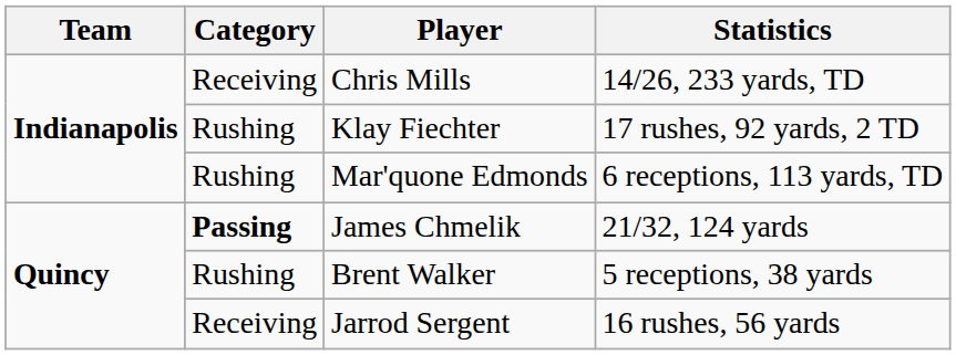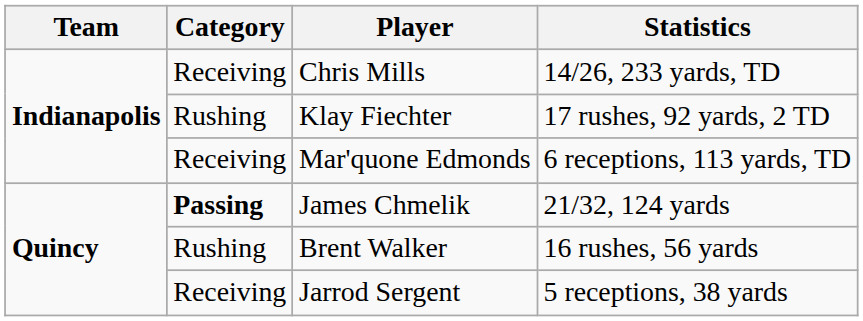 <table class="wikitable" style="float: right;">
 <tr>
 <th>Team</th>
 <th>Category</th>
 <th>Player</th>
 <th>Statistics</th>
 </tr>
 <tr>
 <td rowspan=3><strong>Indianapolis</strong></td>
 <td>Receiving</td>
 <td>Chris Mills</td>
 <td>14/26, 233 yards, TD</td>
 </tr>
 <tr>
 <td>Rushing</td>
 <td>Klay Fiechter</td>
 <td>17 rushes, 92 yards, 2 TD</td>
 </tr>
 <tr>
-<td>Rushing</td>
+<td>Receiving</td>
 <td>Mar'quone Edmonds</td>
 <td>6 receptions, 113 yards, TD</td>
 </tr>
 <tr>
 <td rowspan=3><strong>Quincy</strong></td>
 <td><strong>Passing</strong></td>
 <td>James Chmelik</td>
 <td>21/32, 124 yards</td>
 </tr>
 <tr>
 <td>Rushing</td>
 <td>Brent Walker</td>
-<td>5 receptions, 38 yards</td>
+<td>16 rushes, 56 yards</td>
 </tr>
 <tr>
 <td>Receiving</td>
 <td>Jarrod Sergent</td>
-<td>16 rushes, 56 yards</td>
+<td>5 receptions, 38 yards</td>
 </tr>
 </table>
